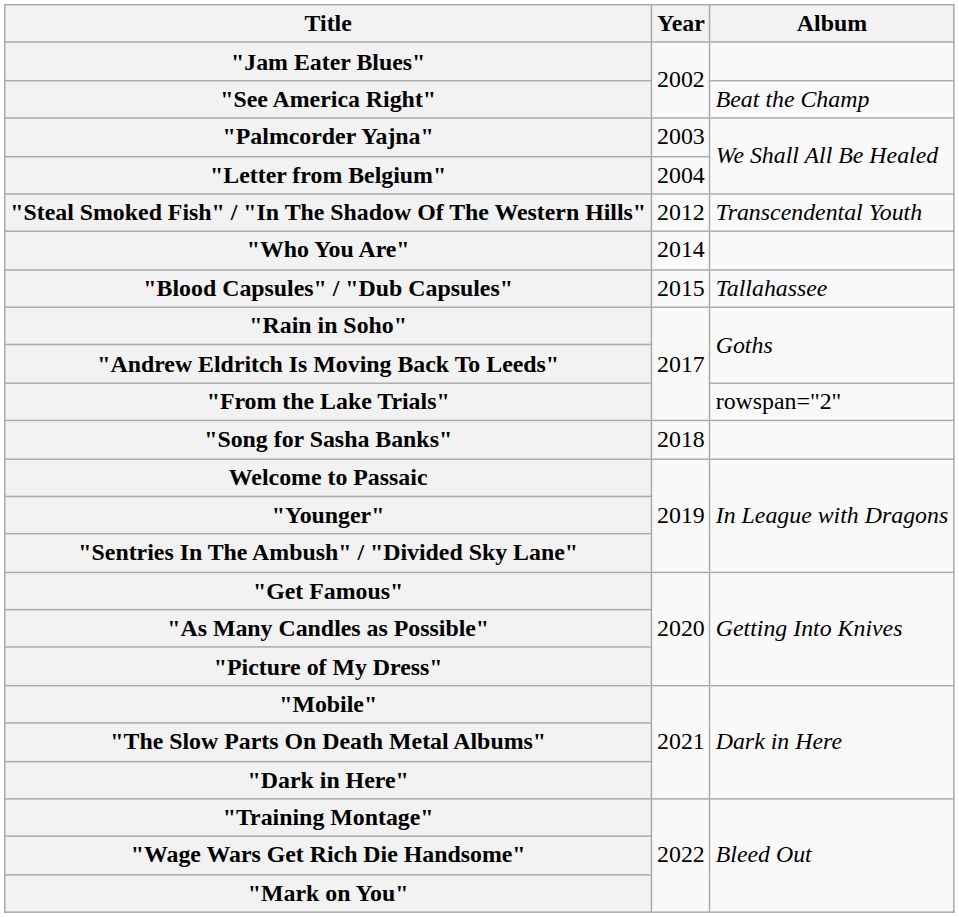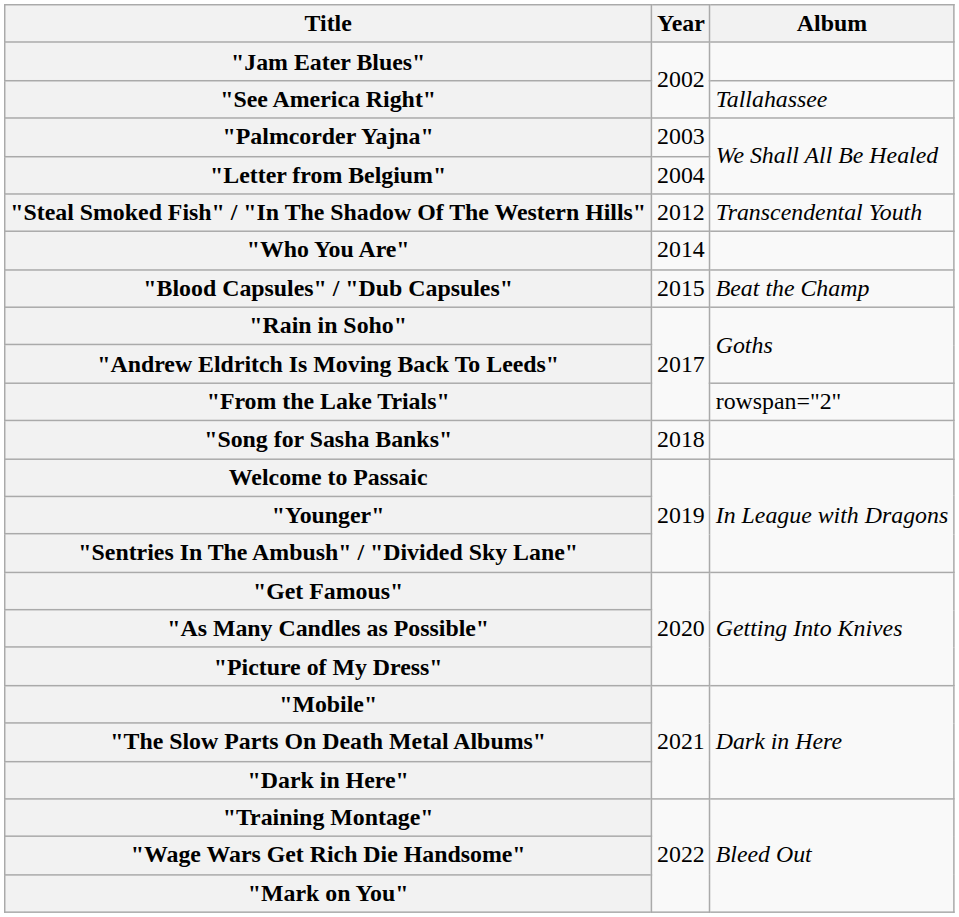 <table class="wikitable plainrowheaders">
 <tr>
 <th>Title</th>
 <th>Year</th>
 <th>Album</th>
 </tr>
 <tr>
 <th scope="row">"Jam Eater Blues"<br></th>
 <td rowspan="2">2002</td>
 <td></td>
 </tr>
 <tr>
 <th scope="row">"See America Right"<br></th>
-<td><em>Beat the Champ</em></td>
+<td><em>Tallahassee</em></td>
 </tr>
 <tr>
 <th scope="row">"Palmcorder Yajna"<br></th>
 <td>2003</td>
 <td rowspan="2"><em>We Shall All Be Healed</em></td>
 </tr>
 <tr>
 <th scope="row">"Letter from Belgium"<br></th>
 <td>2004</td>
 </tr>
 <tr>
 <th scope="row">"Steal Smoked Fish" / "In The Shadow Of The Western Hills"</th>
 <td>2012</td>
 <td><em>Transcendental Youth</em></td>
 </tr>
 <tr>
 <th scope="row">"Who You Are"<br></th>
 <td>2014</td>
 <td></td>
 </tr>
 <tr>
 <th scope="row">"Blood Capsules" / "Dub Capsules"</th>
 <td>2015</td>
-<td><em>Tallahassee</em></td>
+<td><em>Beat the Champ</em></td>
 </tr>
 <tr>
 <th scope="row">"Rain in Soho"</th>
 <td rowspan="3">2017</td>
 <td rowspan="2"><em>Goths</em></td>
 </tr>
 <tr>
 <th scope="row">"Andrew Eldritch Is Moving Back To Leeds"</th>
 </tr>
 <tr>
 <th scope="row">"From the Lake Trials"</th>
 <td>rowspan="2" </td>
 </tr>
 <tr>
 <th scope="row">"Song for Sasha Banks"</th>
 <td>2018</td>
 </tr>
 <tr>
 <th scope="row">Welcome to Passaic<br></th>
 <td rowspan="3">2019</td>
 <td rowspan="3"><em>In League with Dragons</em></td>
 </tr>
 <tr>
 <th scope="row">"Younger"</th>
 </tr>
 <tr>
 <th scope="row">"Sentries In The Ambush" / "Divided Sky Lane"</th>
 </tr>
 <tr>
 <th scope="row">"Get Famous"</th>
 <td rowspan="3">2020</td>
 <td rowspan="3"><em>Getting Into Knives</em></td>
 </tr>
 <tr>
 <th scope="row">"As Many Candles as Possible"</th>
 </tr>
 <tr>
 <th scope="row">"Picture of My Dress"</th>
 </tr>
 <tr>
 <th scope="row">"Mobile"</th>
 <td rowspan="3">2021</td>
 <td rowspan="3"><em>Dark in Here</em></td>
 </tr>
 <tr>
 <th scope="row">"The Slow Parts On Death Metal Albums"</th>
 </tr>
 <tr>
 <th scope="row">"Dark in Here"</th>
 </tr>
 <tr>
 <th scope="row">"Training Montage"</th>
 <td rowspan="3">2022</td>
 <td rowspan="3"><em>Bleed Out</em></td>
 </tr>
 <tr>
 <th scope="row">"Wage Wars Get Rich Die Handsome"</th>
 </tr>
 <tr>
 <th scope="row">"Mark on You"</th>
 </tr>
 </table>
